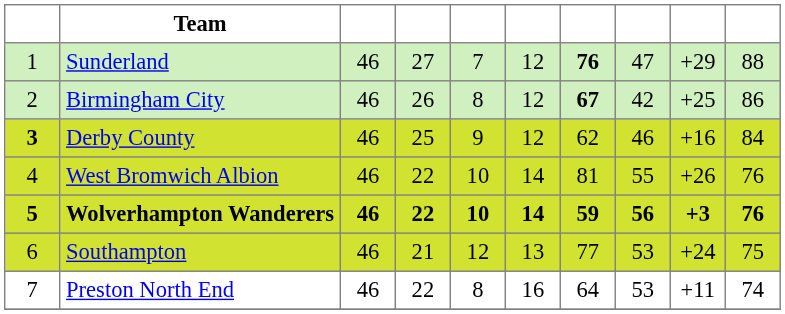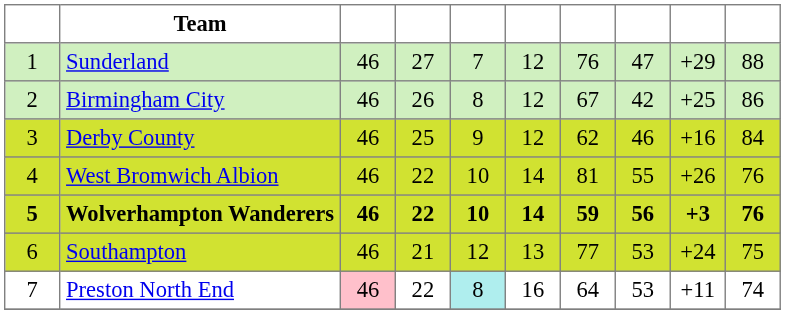 <table class="toccolours" border="1" cellpadding="4" cellspacing="0" style="text-align:center; border-collapse: collapse; margin:0;">
 <tr>
 <th width=30></th>
 <th>Team</th>
 <th width="30"></th>
 <th width="30"></th>
 <th width="30"></th>
 <th width="30"></th>
 <th width="30"></th>
 <th width="30"></th>
 <th width="30"></th>
 <th width="30"></th>
 </tr>
 <tr bgcolor="#D0F0C0">
 <td>1</td>
 <td align=left><a href='#'>Sunderland</a></td>
 <td>46</td>
 <td>27</td>
 <td>7</td>
 <td>12</td>
-<td><strong>76</strong></td>
+<td>76</td>
 <td>47</td>
 <td>+29</td>
 <td>88</td>
 </tr>
 <tr bgcolor="#D0F0C0">
 <td>2</td>
 <td align=left><a href='#'>Birmingham City</a></td>
 <td>46</td>
 <td>26</td>
 <td>8</td>
 <td>12</td>
-<td><strong>67</strong></td>
+<td>67</td>
 <td>42</td>
 <td>+25</td>
 <td>86</td>
 </tr>
 <tr bgcolor="#D1E231">
-<td><strong>3</strong></td>
+<td>3</td>
 <td align=left><a href='#'>Derby County</a></td>
 <td>46</td>
 <td>25</td>
 <td>9</td>
 <td>12</td>
 <td>62</td>
 <td>46</td>
 <td>+16</td>
 <td>84</td>
 </tr>
 <tr bgcolor="#D1E231">
 <td>4</td>
 <td align=left><a href='#'>West Bromwich Albion</a></td>
 <td>46</td>
 <td>22</td>
 <td>10</td>
 <td>14</td>
 <td>81</td>
 <td>55</td>
 <td>+26</td>
 <td>76</td>
 </tr>
 <tr bgcolor="#D1E231">
 <td><strong>5</strong></td>
 <td align=left><strong>Wolverhampton Wanderers</strong></td>
 <td><strong>46</strong></td>
 <td><strong>22</strong></td>
 <td><strong>10</strong></td>
 <td><strong>14</strong></td>
 <td><strong>59</strong></td>
 <td><strong>56</strong></td>
 <td><strong>+3</strong></td>
 <td><strong>76</strong></td>
 </tr>
 <tr bgcolor="#D1E231">
 <td>6</td>
 <td align=left><a href='#'>Southampton</a></td>
 <td>46</td>
 <td>21</td>
 <td>12</td>
 <td>13</td>
 <td>77</td>
 <td>53</td>
 <td>+24</td>
 <td>75</td>
 </tr>
 <tr>
 <td>7</td>
 <td align=left><a href='#'>Preston North End</a></td>
-<td>46</td>
+<td style="background: pink;">46</td>
 <td>22</td>
-<td>8</td>
+<td style="background: paleturquoise;">8</td>
 <td>16</td>
 <td>64</td>
 <td>53</td>
 <td>+11</td>
 <td>74</td>
 </tr>
 <tr>
 </tr>
 </table>
